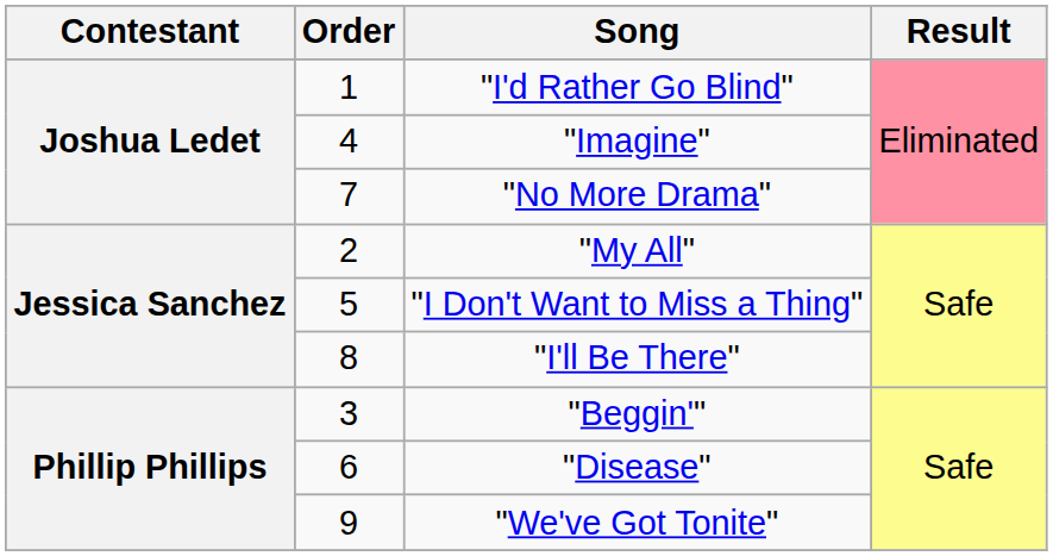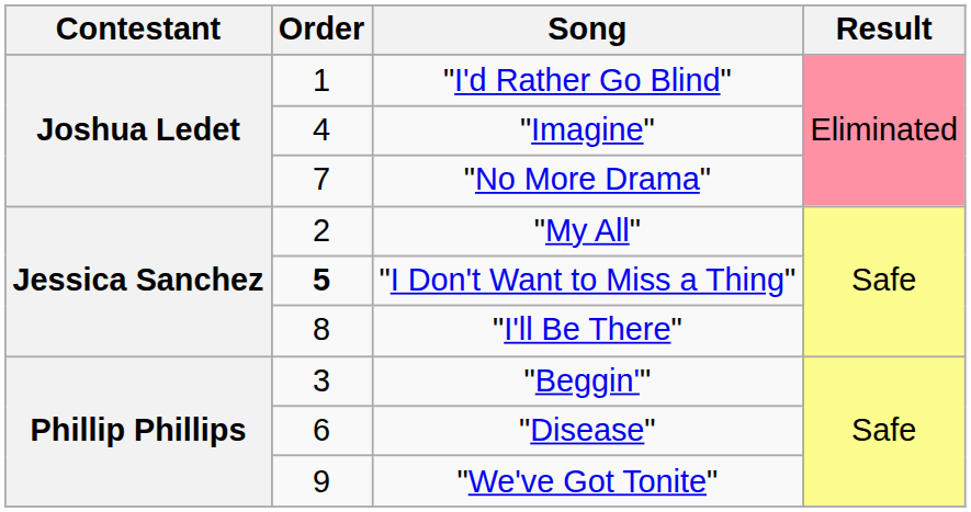 <table class="wikitable unsortable" style="text-align:center;">
 <tr>
 <th scope="col">Contestant</th>
 <th scope="col">Order</th>
 <th scope="col">Song</th>
 <th scope="col">Result</th>
 </tr>
 <tr>
 <th scope="row" rowspan="3">Joshua Ledet</th>
 <td>1</td>
 <td>"<a href='#'>I'd Rather Go Blind</a>"</td>
 <td rowspan="3" bgcolor="FF91A4">Eliminated</td>
 </tr>
 <tr>
 <td>4</td>
 <td>"<a href='#'>Imagine</a>"</td>
 </tr>
 <tr>
 <td>7</td>
 <td>"<a href='#'>No More Drama</a>"</td>
 </tr>
 <tr>
 <th scope="row" rowspan="3">Jessica Sanchez</th>
 <td>2</td>
 <td>"<a href='#'>My All</a>"</td>
 <td rowspan="3" bgcolor="FDFC8F">Safe</td>
 </tr>
 <tr>
-<td>5</td>
+<td><strong>5</strong></td>
 <td>"<a href='#'>I Don't Want to Miss a Thing</a>"</td>
 </tr>
 <tr>
 <td>8</td>
 <td>"<a href='#'>I'll Be There</a>"</td>
 </tr>
 <tr>
 <th scope="row" rowspan="3">Phillip Phillips</th>
 <td>3</td>
 <td>"<a href='#'>Beggin'</a>"</td>
 <td rowspan="3" bgcolor="FDFC8F">Safe</td>
 </tr>
 <tr>
 <td>6</td>
 <td>"<a href='#'>Disease</a>"</td>
 </tr>
 <tr>
 <td>9</td>
 <td>"<a href='#'>We've Got Tonite</a>"</td>
 </tr>
 </table>
